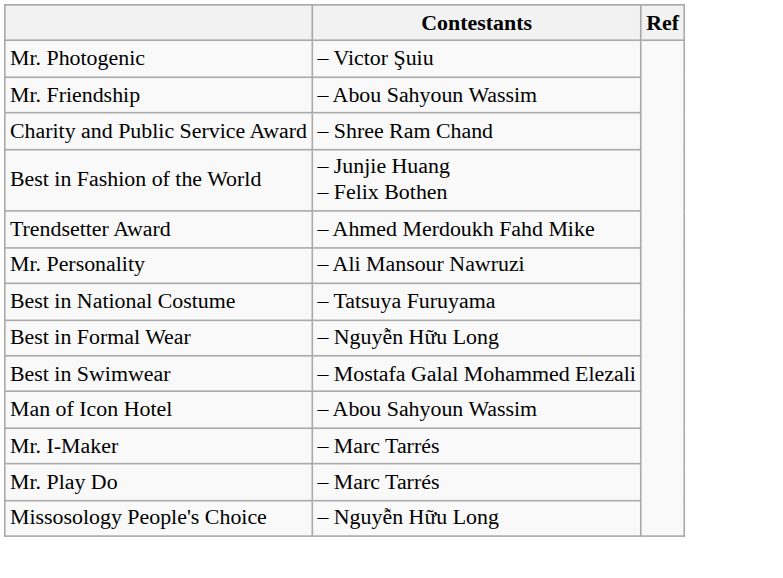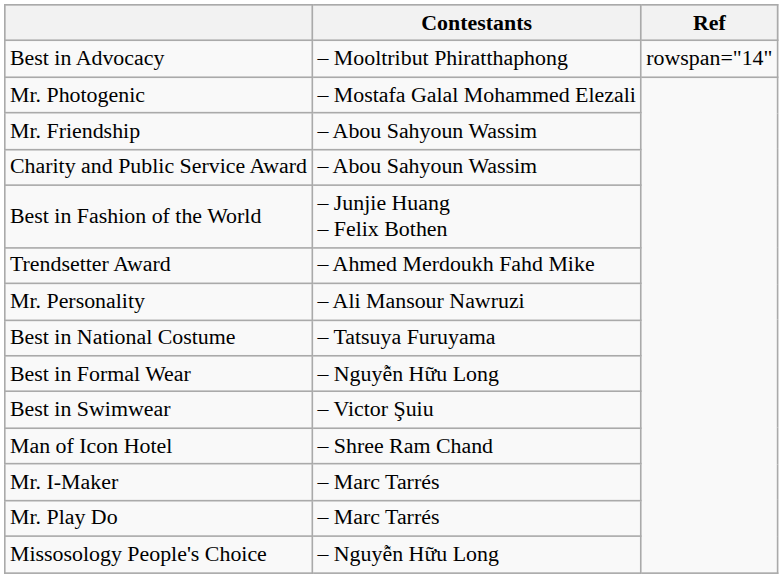 <table class="wikitable"  style="font-size: 85%;">
 <tr bgcolor="#CCCCCC" align="center">
 <th></th>
 <th>Contestants</th>
 <th>Ref</th>
 </tr>
 <tr>
+<td>Best in Advocacy</td>
+<td> – Mooltribut Phiratthaphong</td>
+<td>rowspan="14" </td>
+</tr>
+<tr>
 <td>Mr. Photogenic</td>
-<td> – Victor Şuiu</td>
+<td> – Mostafa Galal Mohammed Elezali</td>
 </tr>
 <tr>
 <td>Mr. Friendship</td>
 <td> – Abou Sahyoun Wassim</td>
 </tr>
 <tr>
 <td>Charity and Public Service Award</td>
-<td> – Shree Ram Chand</td>
+<td> – Abou Sahyoun Wassim</td>
 </tr>
 <tr>
 <td>Best in Fashion of the World</td>
 <td> – Junjie Huang <br>  – Felix Bothen</td>
 </tr>
 <tr>
 <td>Trendsetter Award</td>
 <td> – Ahmed Merdoukh Fahd Mike</td>
 </tr>
 <tr>
 <td>Mr. Personality</td>
 <td> – Ali Mansour Nawruzi</td>
 </tr>
 <tr>
 <td>Best in National Costume</td>
 <td> – Tatsuya Furuyama</td>
 </tr>
 <tr>
 <td>Best in Formal Wear</td>
 <td> – Nguyễn Hữu Long</td>
 </tr>
 <tr>
 <td>Best in Swimwear</td>
-<td> – Mostafa Galal Mohammed Elezali</td>
+<td> – Victor Şuiu</td>
 </tr>
 <tr>
 <td>Man of Icon Hotel</td>
-<td> – Abou Sahyoun Wassim</td>
+<td> – Shree Ram Chand</td>
 </tr>
 <tr>
 <td>Mr. I-Maker</td>
 <td> – Marc Tarrés</td>
 </tr>
 <tr>
 <td>Mr. Play Do</td>
 <td> – Marc Tarrés</td>
 </tr>
 <tr>
 <td>Missosology People's Choice</td>
 <td> – Nguyễn Hữu Long</td>
 </tr>
 </table>
